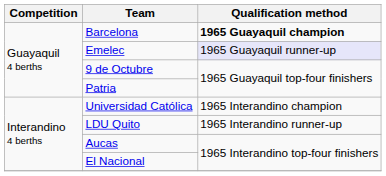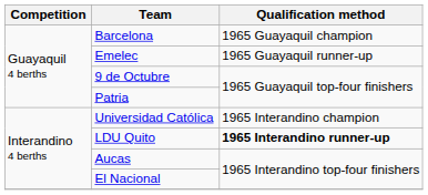 <table class="wikitable">
 <tr>
 <th width=100>Competition</th>
 <th width=150>Team</th>
 <th>Qualification method</th>
 </tr>
 <tr>
 <td rowspan="4">Guayaquil<br><small>4 berths</small></td>
 <td><a href='#'>Barcelona</a></td>
-<td><strong>1965 Guayaquil champion</strong></td>
+<td>1965 Guayaquil champion</td>
 </tr>
 <tr>
 <td><a href='#'>Emelec</a></td>
-<td style="background: lavender;">1965 Guayaquil runner-up</td>
+<td>1965 Guayaquil runner-up</td>
 </tr>
 <tr>
 <td><a href='#'>9 de Octubre</a></td>
 <td rowspan=2>1965 Guayaquil top-four finishers</td>
 </tr>
 <tr>
 <td><a href='#'>Patria</a></td>
 </tr>
 <tr>
 <td rowspan="4">Interandino<br><small>4 berths</small></td>
 <td><a href='#'>Universidad Católica</a></td>
 <td>1965 Interandino champion</td>
 </tr>
 <tr>
 <td><a href='#'>LDU Quito</a></td>
-<td>1965 Interandino runner-up</td>
+<td><strong>1965 Interandino runner-up</strong></td>
 </tr>
 <tr>
 <td><a href='#'>Aucas</a></td>
 <td rowspan=2>1965 Interandino top-four finishers</td>
 </tr>
 <tr>
 <td><a href='#'>El Nacional</a></td>
 </tr>
 <tr>
 </tr>
 </table>
